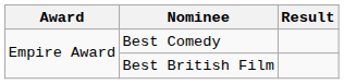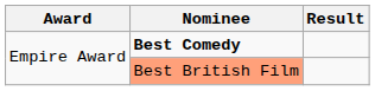 <table class="wikitable sortable">
 <tr>
 <th>Award</th>
 <th>Nominee</th>
 <th>Result</th>
 </tr>
 <tr>
 <td rowspan="2">Empire Award</td>
-<td>Best Comedy</td>
+<td><strong>Best Comedy</strong></td>
 <td></td>
 </tr>
 <tr>
-<td>Best British Film</td>
+<td style="background: lightsalmon;">Best British Film</td>
 <td></td>
 </tr>
 </table>
